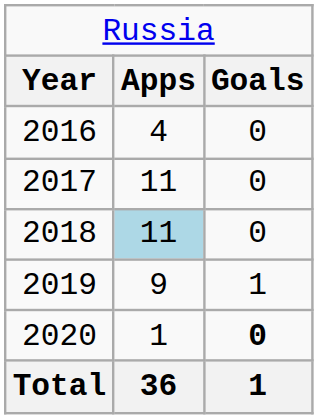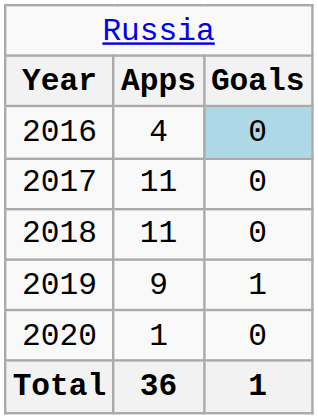 <table class="wikitable" style="text-align:center">
 <tr>
 <td colspan=3><a href='#'>Russia</a></td>
 </tr>
 <tr>
 <th>Year</th>
 <th>Apps</th>
 <th>Goals</th>
 </tr>
 <tr>
 <td>2016</td>
 <td>4</td>
-<td>0</td>
+<td style="background: lightblue;">0</td>
 </tr>
 <tr>
 <td>2017</td>
 <td>11</td>
 <td>0</td>
 </tr>
 <tr>
 <td>2018</td>
-<td style="background: lightblue;">11</td>
+<td>11</td>
 <td>0</td>
 </tr>
 <tr>
 <td>2019</td>
 <td>9</td>
 <td>1</td>
 </tr>
 <tr>
 <td>2020</td>
 <td>1</td>
-<td><strong>0</strong></td>
+<td>0</td>
 </tr>
 <tr>
 <th>Total</th>
 <th>36</th>
 <th>1</th>
 </tr>
 </table>
